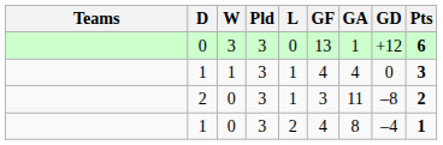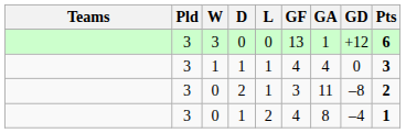 <table class="wikitable" style="text-align: center;">
 <tr>
 <th width=165>Teams</th>
+<th width=20>Pld</th>
+<th width=20>W</th>
 <th width=20>D</th>
-<th width=20>W</th>
-<th width=20>Pld</th>
 <th width=20>L</th>
 <th width=20>GF</th>
 <th width=20>GA</th>
 <th width=20>GD</th>
 <th width=20>Pts</th>
 </tr>
 <tr align=center style="background:#ccffcc;">
 <td style="text-align:left;"></td>
-<td>0</td>
 <td>3</td>
 <td>3</td>
+<td>0</td>
 <td>0</td>
 <td>13</td>
 <td>1</td>
 <td>+12</td>
 <td><strong>6</strong></td>
 </tr>
 <tr align=center>
 <td style="text-align:left;"></td>
+<td>3</td>
 <td>1</td>
 <td>1</td>
-<td>3</td>
 <td>1</td>
 <td>4</td>
 <td>4</td>
 <td>0</td>
 <td><strong>3</strong></td>
 </tr>
 <tr align=center>
 <td style="text-align:left;"></td>
+<td>3</td>
+<td>0</td>
 <td>2</td>
-<td>0</td>
-<td>3</td>
 <td>1</td>
 <td>3</td>
 <td>11</td>
 <td>–8</td>
 <td><strong>2</strong></td>
 </tr>
 <tr align=center>
 <td style="text-align:left;"></td>
+<td>3</td>
+<td>0</td>
 <td>1</td>
-<td>0</td>
-<td>3</td>
 <td>2</td>
 <td>4</td>
 <td>8</td>
 <td>–4</td>
 <td><strong>1</strong></td>
 </tr>
 </table>
